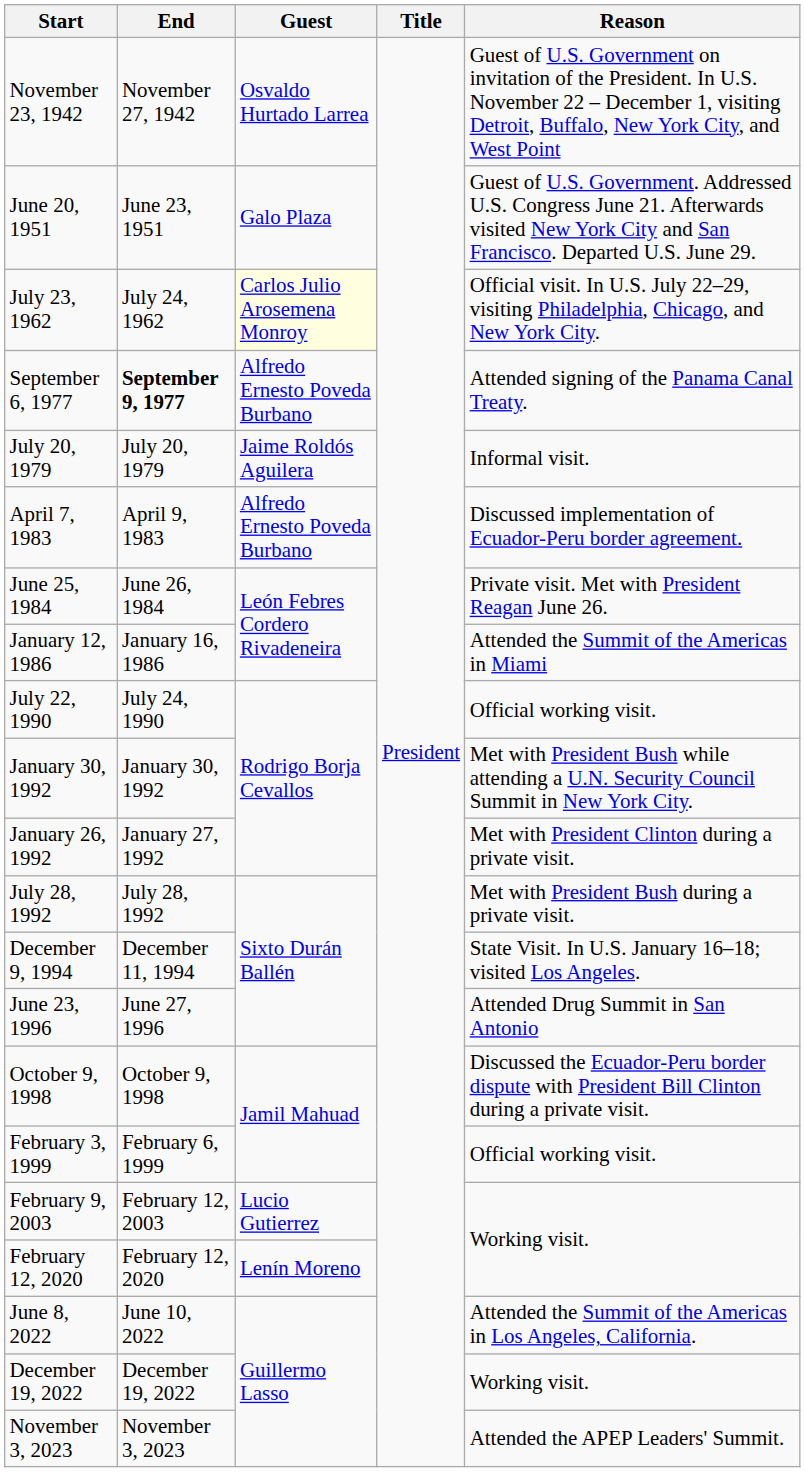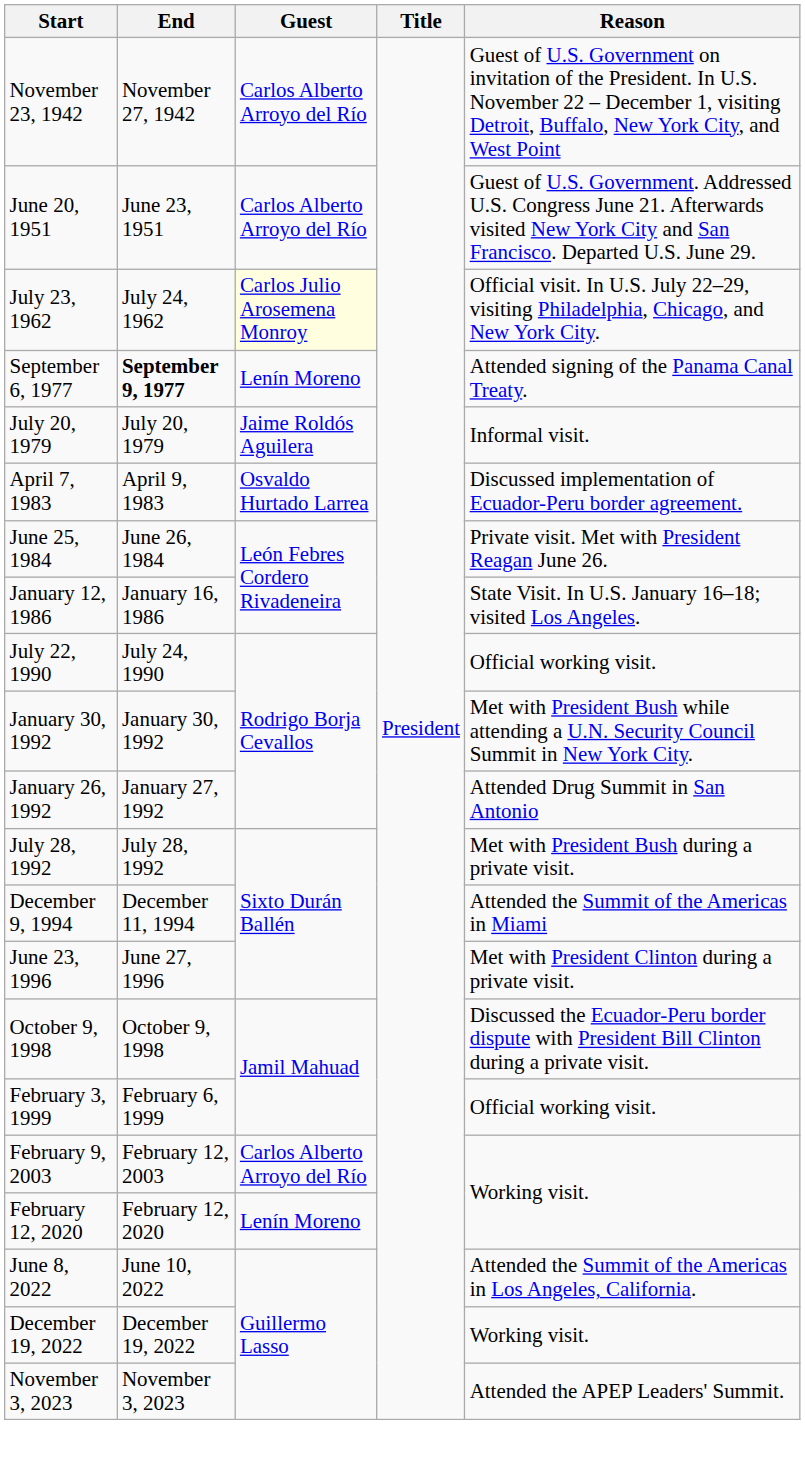 <table class="wikitable sortable">
 <tr>
 <th>Start</th>
 <th>End</th>
 <th>Guest</th>
 <th>Title</th>
 <th>Reason</th>
 </tr>
 <tr>
 <td>November 23, 1942</td>
 <td>November 27, 1942</td>
-<td><a href='#'>Osvaldo Hurtado Larrea</a></td>
+<td><a href='#'>Carlos Alberto Arroyo del Río</a></td>
 <td rowspan=21><a href='#'>President</a></td>
 <td>Guest of <a href='#'>U.S. Government</a> on invitation of the President. In U.S. November 22 – December 1, visiting <a href='#'>Detroit</a>, <a href='#'>Buffalo</a>, <a href='#'>New York City</a>, and <a href='#'>West Point</a></td>
 </tr>
 <tr>
 <td>June 20, 1951</td>
 <td>June 23, 1951</td>
-<td><a href='#'>Galo Plaza</a></td>
+<td><a href='#'>Carlos Alberto Arroyo del Río</a></td>
 <td>Guest of <a href='#'>U.S. Government</a>. Addressed U.S. Congress June 21. Afterwards visited <a href='#'>New York City</a> and <a href='#'>San Francisco</a>. Departed U.S. June 29.</td>
 </tr>
 <tr>
 <td>July 23, 1962</td>
 <td>July 24, 1962</td>
 <td style="background: lightyellow;"><a href='#'>Carlos Julio Arosemena Monroy</a></td>
 <td>Official visit. In U.S. July 22–29, visiting <a href='#'>Philadelphia</a>, <a href='#'>Chicago</a>, and <a href='#'>New York City</a>.</td>
 </tr>
 <tr>
 <td>September 6, 1977</td>
 <td><strong>September 9, 1977</strong></td>
-<td><a href='#'>Alfredo Ernesto Poveda Burbano</a></td>
+<td><a href='#'>Lenín Moreno</a></td>
 <td>Attended signing of the <a href='#'>Panama Canal Treaty</a>.</td>
 </tr>
 <tr>
 <td>July 20, 1979</td>
 <td>July 20, 1979</td>
 <td><a href='#'>Jaime Roldós Aguilera</a></td>
 <td>Informal visit.</td>
 </tr>
 <tr>
 <td>April 7, 1983</td>
 <td>April 9, 1983</td>
-<td><a href='#'>Alfredo Ernesto Poveda Burbano</a></td>
+<td><a href='#'>Osvaldo Hurtado Larrea</a></td>
 <td>Discussed implementation of <a href='#'>Ecuador-Peru border agreement.</a></td>
 </tr>
 <tr>
 <td>June 25, 1984</td>
 <td>June 26, 1984</td>
 <td rowspan=2><a href='#'>León Febres Cordero Rivadeneira</a></td>
 <td>Private visit. Met with <a href='#'>President Reagan</a> June 26.</td>
 </tr>
 <tr>
 <td>January 12, 1986</td>
 <td>January 16, 1986</td>
-<td>Attended the <a href='#'>Summit of the Americas</a> in <a href='#'>Miami</a></td>
+<td>State Visit. In U.S. January 16–18; visited <a href='#'>Los Angeles</a>.</td>
 </tr>
 <tr>
 <td>July 22, 1990</td>
 <td>July 24, 1990</td>
 <td rowspan=3><a href='#'>Rodrigo Borja Cevallos</a></td>
 <td>Official working visit.</td>
 </tr>
 <tr>
 <td>January 30, 1992</td>
 <td>January 30, 1992</td>
 <td>Met with <a href='#'>President Bush</a> while attending a <a href='#'>U.N. Security Council</a> Summit in <a href='#'>New York City</a>.</td>
 </tr>
 <tr>
 <td>January 26, 1992</td>
 <td>January 27, 1992</td>
-<td>Met with <a href='#'>President Clinton</a> during a private visit.</td>
+<td>Attended Drug Summit in <a href='#'>San Antonio</a></td>
 </tr>
 <tr>
 <td>July 28, 1992</td>
 <td>July 28, 1992</td>
 <td rowspan=3><a href='#'>Sixto Durán Ballén</a></td>
 <td>Met with <a href='#'>President Bush</a> during a private visit.</td>
 </tr>
 <tr>
 <td>December 9, 1994</td>
 <td>December 11, 1994</td>
-<td>State Visit. In U.S. January 16–18; visited <a href='#'>Los Angeles</a>.</td>
+<td>Attended the <a href='#'>Summit of the Americas</a> in <a href='#'>Miami</a></td>
 </tr>
 <tr>
 <td>June 23, 1996</td>
 <td>June 27, 1996</td>
-<td>Attended Drug Summit in <a href='#'>San Antonio</a></td>
+<td>Met with <a href='#'>President Clinton</a> during a private visit.</td>
 </tr>
 <tr>
 <td>October 9, 1998</td>
 <td>October 9, 1998</td>
 <td rowspan=2><a href='#'>Jamil Mahuad</a></td>
 <td>Discussed the <a href='#'>Ecuador-Peru border dispute</a> with <a href='#'>President Bill Clinton</a> during a private visit.</td>
 </tr>
 <tr>
 <td>February 3, 1999</td>
 <td>February 6, 1999</td>
 <td>Official working visit.</td>
 </tr>
 <tr>
 <td>February 9, 2003</td>
 <td>February 12, 2003</td>
-<td><a href='#'>Lucio Gutierrez</a></td>
+<td><a href='#'>Carlos Alberto Arroyo del Río</a></td>
 <td rowspan=2>Working visit.</td>
 </tr>
 <tr>
 <td>February 12, 2020</td>
 <td>February 12, 2020</td>
 <td><a href='#'>Lenín Moreno</a></td>
 </tr>
 <tr>
 <td>June 8, 2022</td>
 <td>June 10, 2022</td>
 <td rowspan=3><a href='#'>Guillermo Lasso</a></td>
 <td>Attended the <a href='#'>Summit of the Americas</a> in <a href='#'>Los Angeles, California</a>.</td>
 </tr>
 <tr>
 <td>December 19, 2022</td>
 <td>December 19, 2022</td>
 <td>Working visit.</td>
 </tr>
 <tr>
 <td>November 3, 2023</td>
 <td>November 3, 2023</td>
 <td>Attended the APEP Leaders' Summit.</td>
 </tr>
 </table>
